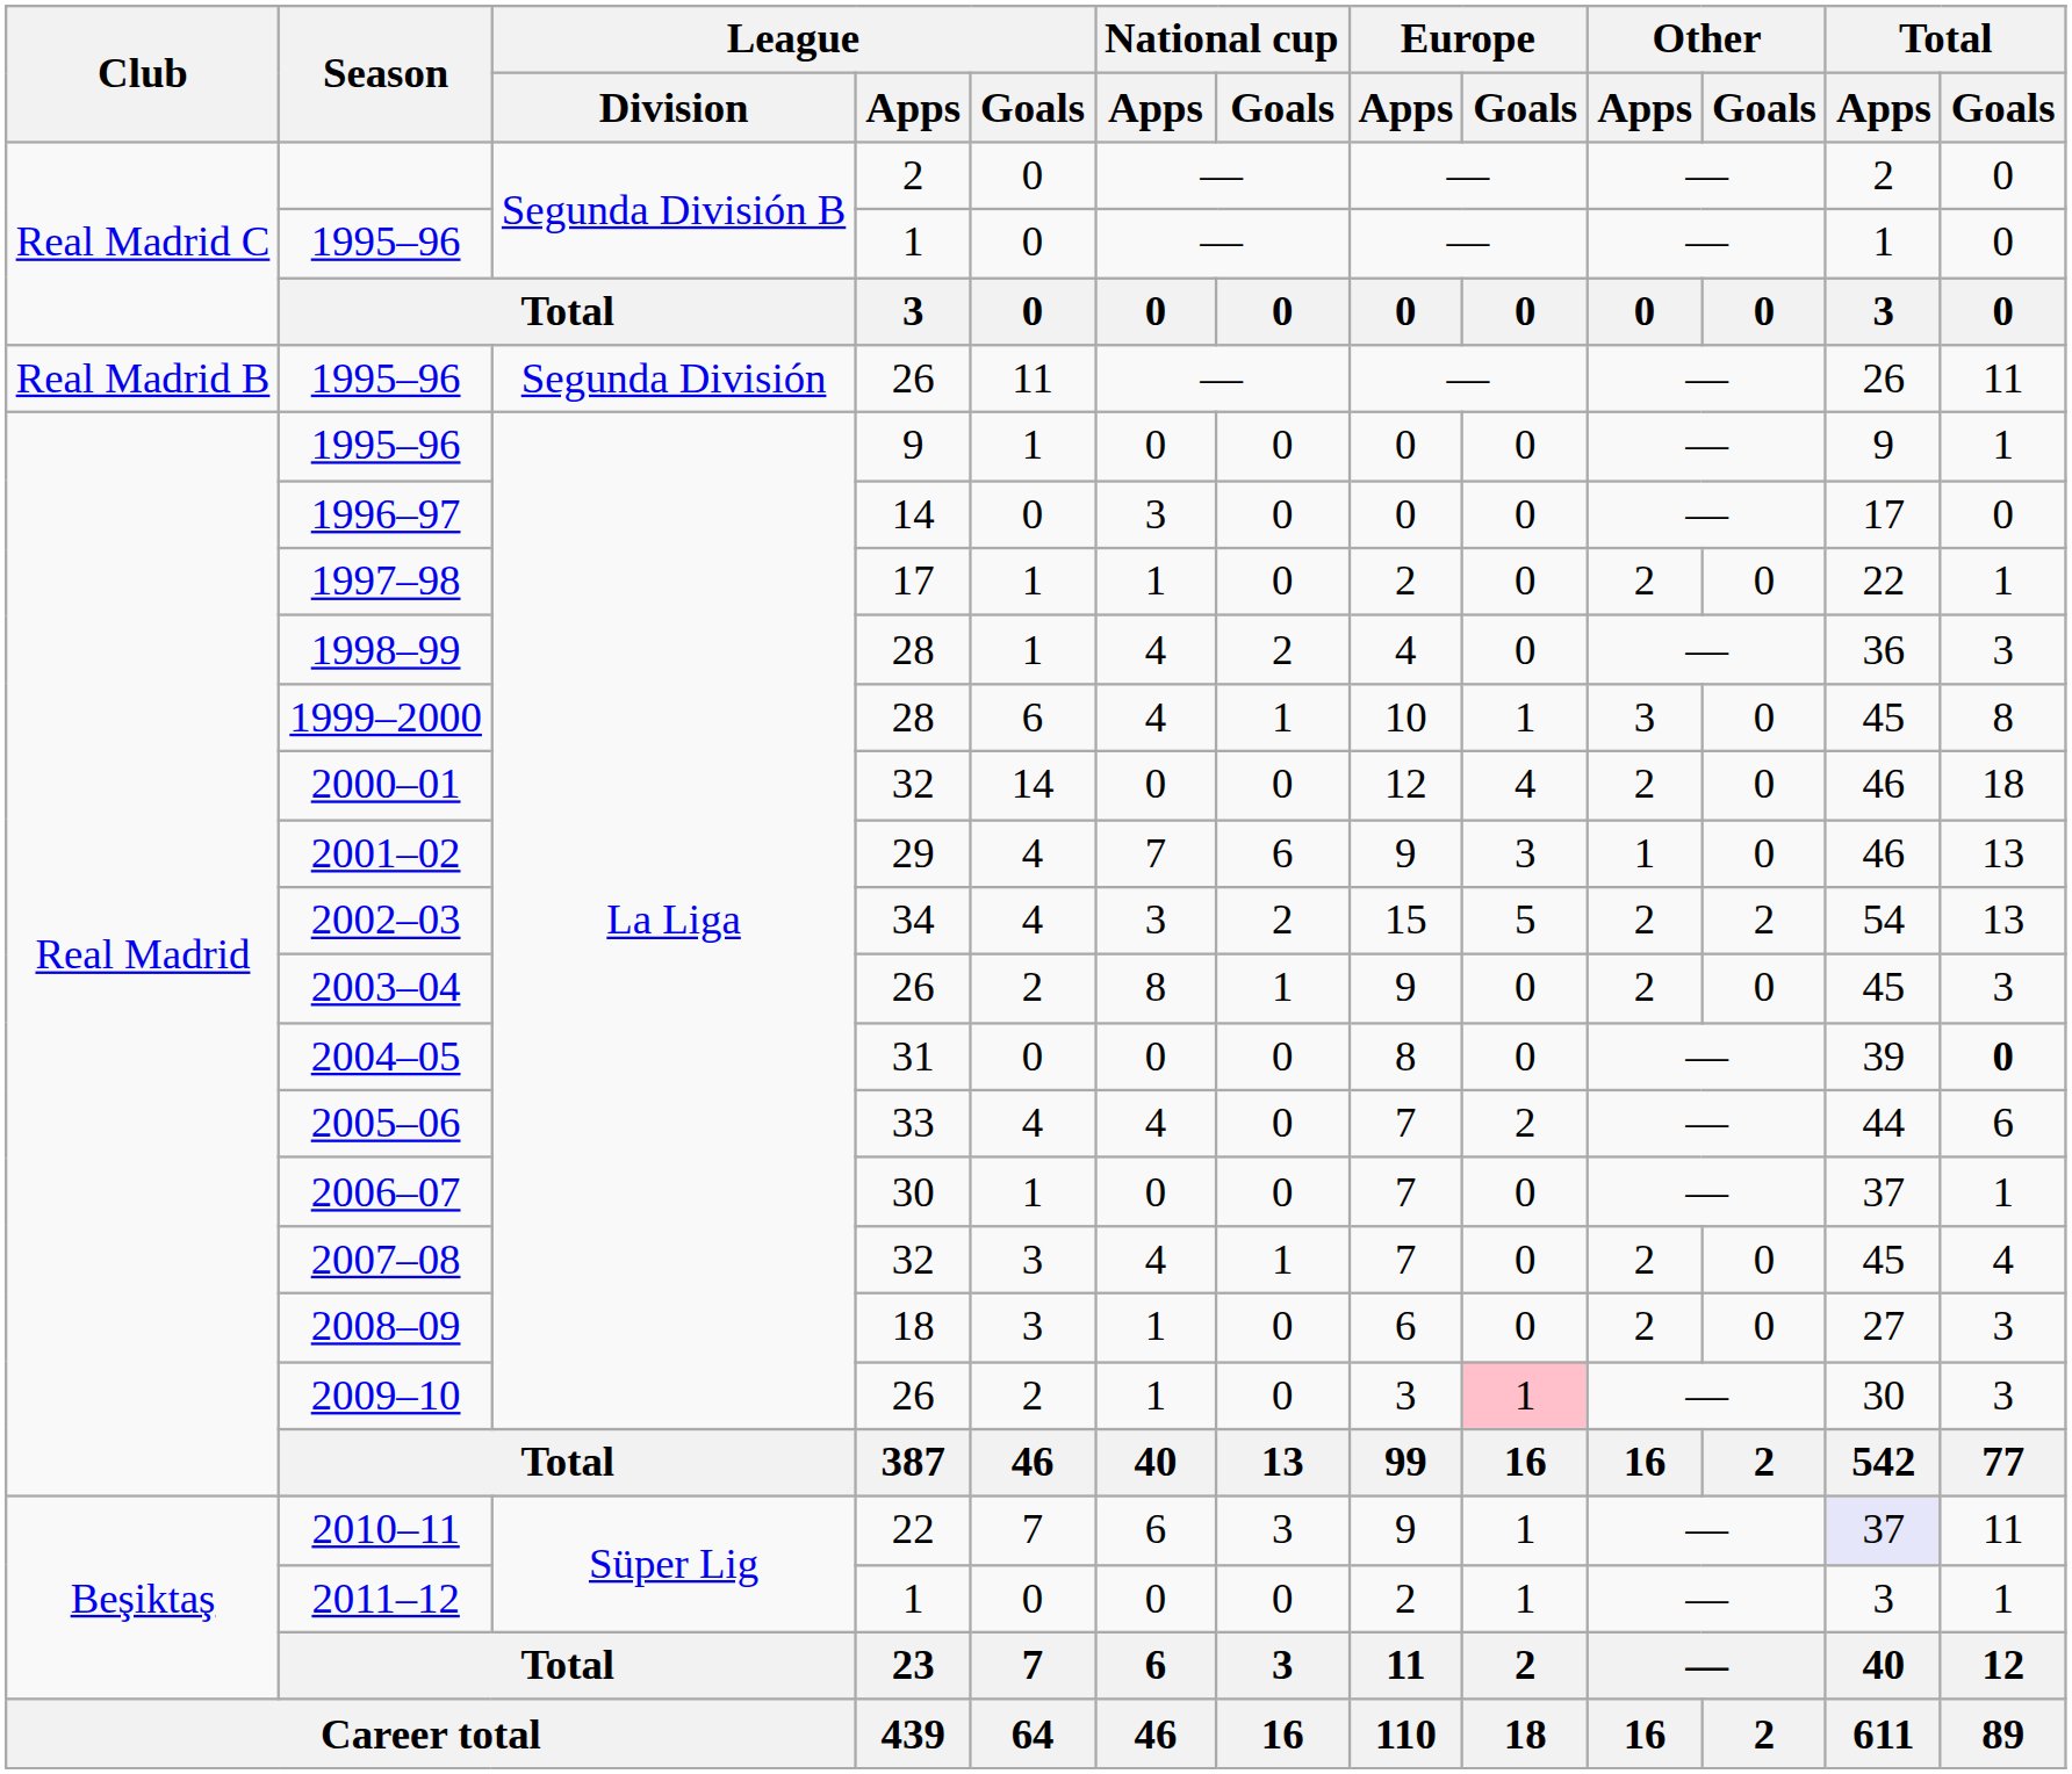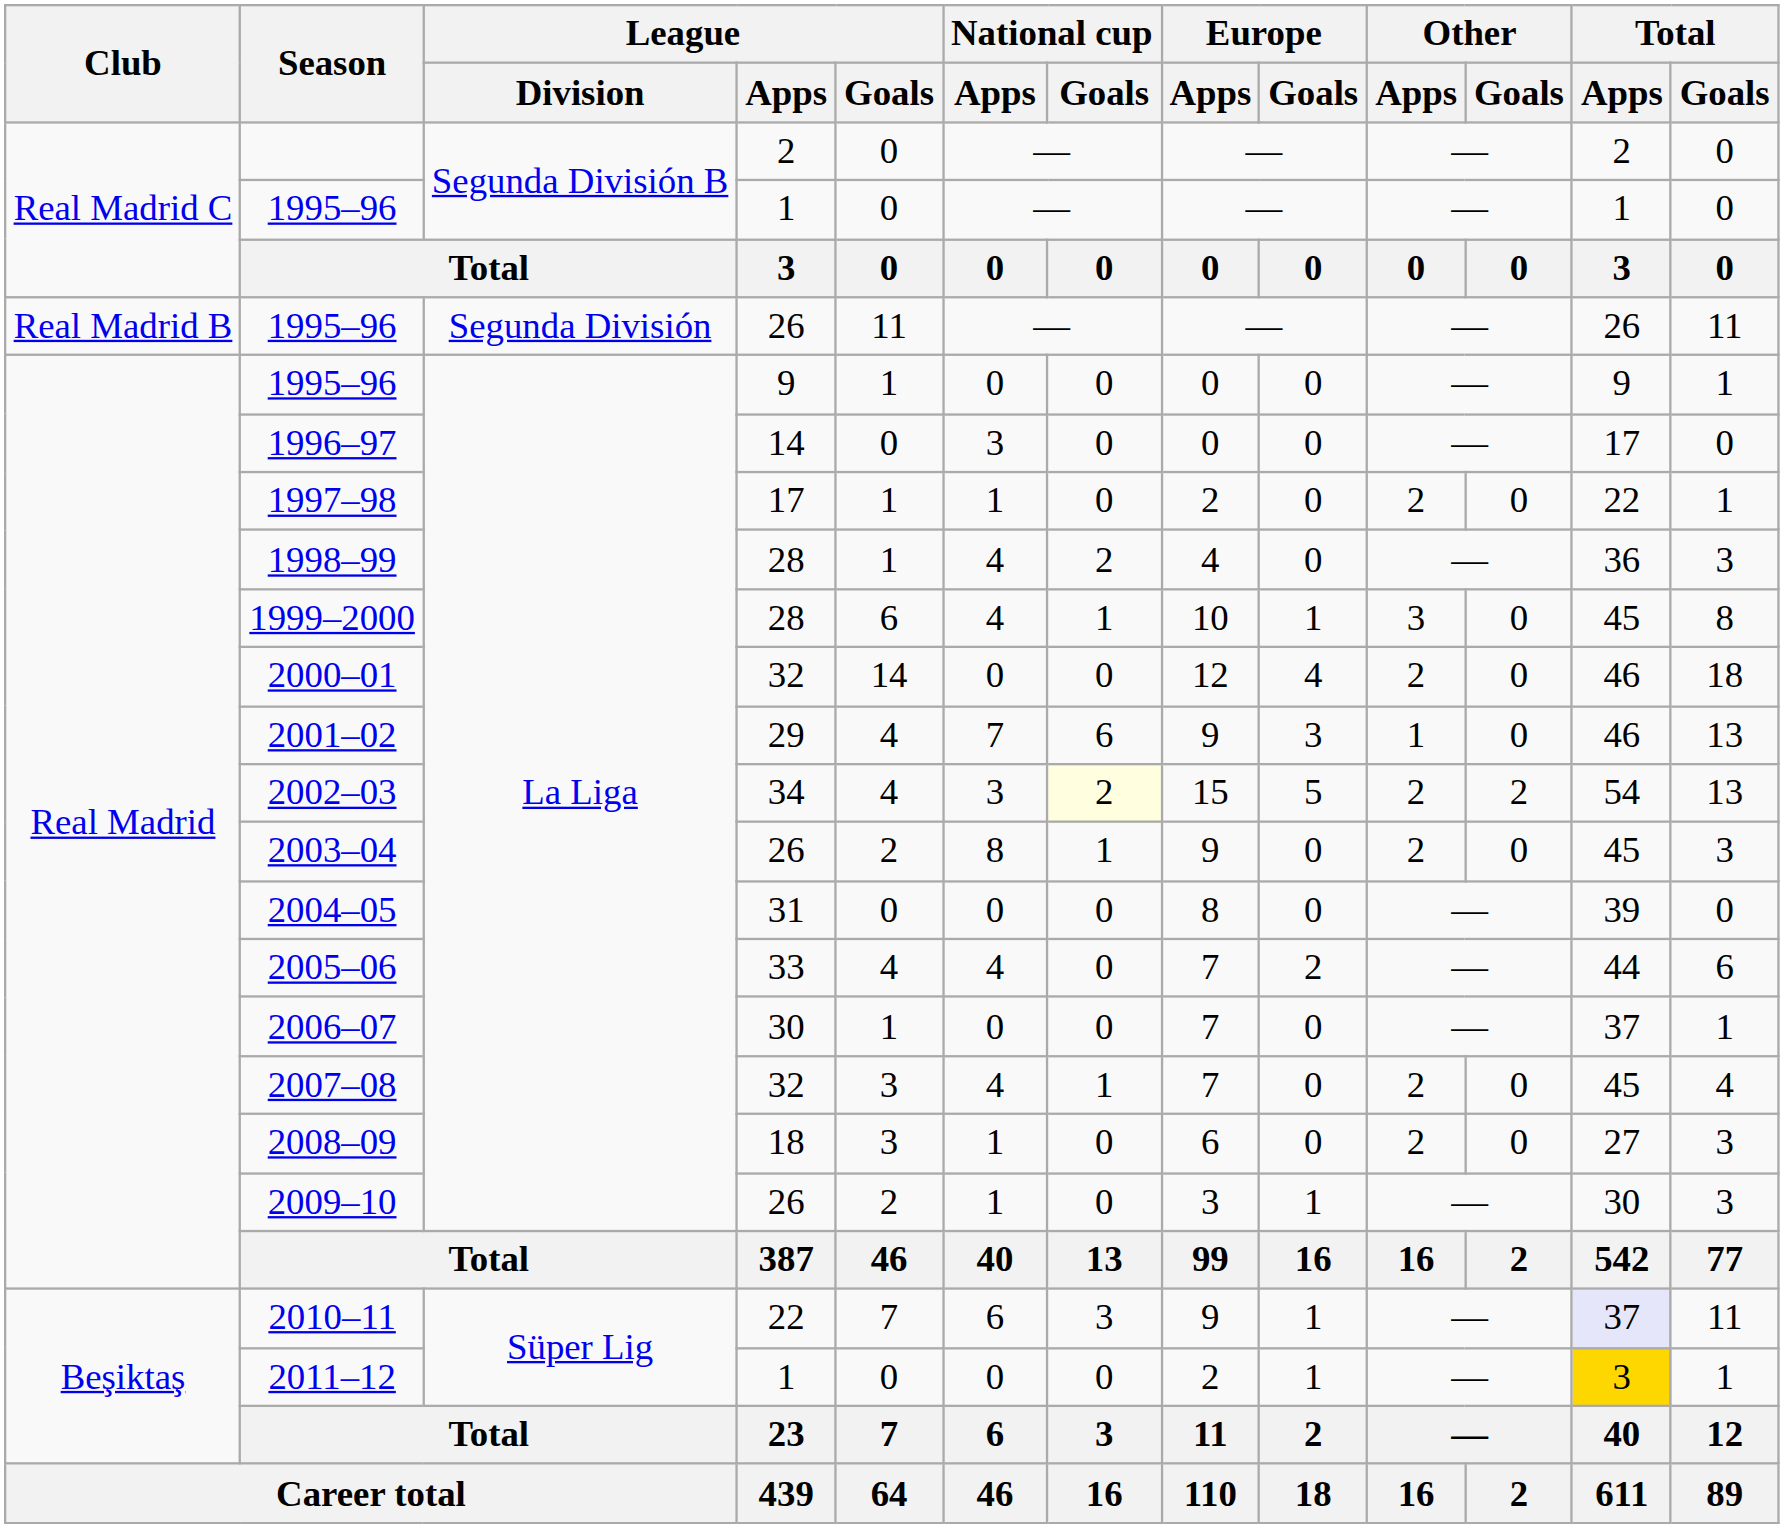 <table class="wikitable" style="text-align:center">
 <tr>
 <th rowspan="2">Club</th>
 <th rowspan="2">Season</th>
 <th colspan="3">League</th>
 <th colspan="2">National cup</th>
 <th colspan="2">Europe</th>
 <th colspan="2">Other</th>
 <th colspan="2">Total</th>
 </tr>
 <tr>
 <th>Division</th>
 <th>Apps</th>
 <th>Goals</th>
 <th>Apps</th>
 <th>Goals</th>
 <th>Apps</th>
 <th>Goals</th>
 <th>Apps</th>
 <th>Goals</th>
 <th>Apps</th>
 <th>Goals</th>
 </tr>
 <tr>
 <td rowspan="3"><a href='#'>Real Madrid C</a></td>
 <td></td>
 <td rowspan="2"><a href='#'>Segunda División B</a></td>
 <td>2</td>
 <td>0</td>
 <td colspan="2">—</td>
 <td colspan="2">—</td>
 <td colspan="2">—</td>
 <td>2</td>
 <td>0</td>
 </tr>
 <tr>
 <td><a href='#'>1995–96</a></td>
 <td>1</td>
 <td>0</td>
 <td colspan="2">—</td>
 <td colspan="2">—</td>
 <td colspan="2">—</td>
 <td>1</td>
 <td>0</td>
 </tr>
 <tr>
 <th colspan="2">Total</th>
 <th>3</th>
 <th>0</th>
 <th>0</th>
 <th>0</th>
 <th>0</th>
 <th>0</th>
 <th>0</th>
 <th>0</th>
 <th>3</th>
 <th>0</th>
 </tr>
 <tr>
 <td><a href='#'>Real Madrid B</a></td>
 <td><a href='#'>1995–96</a></td>
 <td><a href='#'>Segunda División</a></td>
 <td>26</td>
 <td>11</td>
 <td colspan="2">—</td>
 <td colspan="2">—</td>
 <td colspan="2">—</td>
 <td>26</td>
 <td>11</td>
 </tr>
 <tr>
 <td rowspan="16"><a href='#'>Real Madrid</a></td>
 <td><a href='#'>1995–96</a></td>
 <td rowspan="15"><a href='#'>La Liga</a></td>
 <td>9</td>
 <td>1</td>
 <td>0</td>
 <td>0</td>
 <td>0</td>
 <td>0</td>
 <td colspan="2">—</td>
 <td>9</td>
 <td>1</td>
 </tr>
 <tr>
 <td><a href='#'>1996–97</a></td>
 <td>14</td>
 <td>0</td>
 <td>3</td>
 <td>0</td>
 <td>0</td>
 <td>0</td>
 <td colspan="2">—</td>
 <td>17</td>
 <td>0</td>
 </tr>
 <tr>
 <td><a href='#'>1997–98</a></td>
 <td>17</td>
 <td>1</td>
 <td>1</td>
 <td>0</td>
 <td>2</td>
 <td>0</td>
 <td>2</td>
 <td>0</td>
 <td>22</td>
 <td>1</td>
 </tr>
 <tr>
 <td><a href='#'>1998–99</a></td>
 <td>28</td>
 <td>1</td>
 <td>4</td>
 <td>2</td>
 <td>4</td>
 <td>0</td>
 <td colspan="2">—</td>
 <td>36</td>
 <td>3</td>
 </tr>
 <tr>
 <td><a href='#'>1999–2000</a></td>
 <td>28</td>
 <td>6</td>
 <td>4</td>
 <td>1</td>
 <td>10</td>
 <td>1</td>
 <td>3</td>
 <td>0</td>
 <td>45</td>
 <td>8</td>
 </tr>
 <tr>
 <td><a href='#'>2000–01</a></td>
 <td>32</td>
 <td>14</td>
 <td>0</td>
 <td>0</td>
 <td>12</td>
 <td>4</td>
 <td>2</td>
 <td>0</td>
 <td>46</td>
 <td>18</td>
 </tr>
 <tr>
 <td><a href='#'>2001–02</a></td>
 <td>29</td>
 <td>4</td>
 <td>7</td>
 <td>6</td>
 <td>9</td>
 <td>3</td>
 <td>1</td>
 <td>0</td>
 <td>46</td>
 <td>13</td>
 </tr>
 <tr>
 <td><a href='#'>2002–03</a></td>
 <td>34</td>
 <td>4</td>
 <td>3</td>
-<td>2</td>
+<td style="background: lightyellow;">2</td>
 <td>15</td>
 <td>5</td>
 <td>2</td>
 <td>2</td>
 <td>54</td>
 <td>13</td>
 </tr>
 <tr>
 <td><a href='#'>2003–04</a></td>
 <td>26</td>
 <td>2</td>
 <td>8</td>
 <td>1</td>
 <td>9</td>
 <td>0</td>
 <td>2</td>
 <td>0</td>
 <td>45</td>
 <td>3</td>
 </tr>
 <tr>
 <td><a href='#'>2004–05</a></td>
 <td>31</td>
 <td>0</td>
 <td>0</td>
 <td>0</td>
 <td>8</td>
 <td>0</td>
 <td colspan="2">—</td>
 <td>39</td>
-<td><strong>0</strong></td>
+<td>0</td>
 </tr>
 <tr>
 <td><a href='#'>2005–06</a></td>
 <td>33</td>
 <td>4</td>
 <td>4</td>
 <td>0</td>
 <td>7</td>
 <td>2</td>
 <td colspan="2">—</td>
 <td>44</td>
 <td>6</td>
 </tr>
 <tr>
 <td><a href='#'>2006–07</a></td>
 <td>30</td>
 <td>1</td>
 <td>0</td>
 <td>0</td>
 <td>7</td>
 <td>0</td>
 <td colspan="2">—</td>
 <td>37</td>
 <td>1</td>
 </tr>
 <tr>
 <td><a href='#'>2007–08</a></td>
 <td>32</td>
 <td>3</td>
 <td>4</td>
 <td>1</td>
 <td>7</td>
 <td>0</td>
 <td>2</td>
 <td>0</td>
 <td>45</td>
 <td>4</td>
 </tr>
 <tr>
 <td><a href='#'>2008–09</a></td>
 <td>18</td>
 <td>3</td>
 <td>1</td>
 <td>0</td>
 <td>6</td>
 <td>0</td>
 <td>2</td>
 <td>0</td>
 <td>27</td>
 <td>3</td>
 </tr>
 <tr>
 <td><a href='#'>2009–10</a></td>
 <td>26</td>
 <td>2</td>
 <td>1</td>
 <td>0</td>
 <td>3</td>
-<td style="background: pink;">1</td>
+<td>1</td>
 <td colspan="2">—</td>
 <td>30</td>
 <td>3</td>
 </tr>
 <tr>
 <th colspan="2">Total</th>
 <th>387</th>
 <th>46</th>
 <th>40</th>
 <th>13</th>
 <th>99</th>
 <th>16</th>
 <th>16</th>
 <th>2</th>
 <th>542</th>
 <th>77</th>
 </tr>
 <tr>
 <td rowspan="3"><a href='#'>Beşiktaş</a></td>
 <td><a href='#'>2010–11</a></td>
 <td rowspan="2"><a href='#'>Süper Lig</a></td>
 <td>22</td>
 <td>7</td>
 <td>6</td>
 <td>3</td>
 <td>9</td>
 <td>1</td>
 <td colspan="2">—</td>
 <td style="background: lavender;">37</td>
 <td>11</td>
 </tr>
 <tr>
 <td><a href='#'>2011–12</a></td>
 <td>1</td>
 <td>0</td>
 <td>0</td>
 <td>0</td>
 <td>2</td>
 <td>1</td>
 <td colspan="2">—</td>
-<td>3</td>
+<td style="background: gold;">3</td>
 <td>1</td>
 </tr>
 <tr>
 <th colspan="2">Total</th>
 <th>23</th>
 <th>7</th>
 <th>6</th>
 <th>3</th>
 <th>11</th>
 <th>2</th>
 <th colspan="2">—</th>
 <th>40</th>
 <th>12</th>
 </tr>
 <tr>
 <th colspan="3">Career total</th>
 <th>439</th>
 <th>64</th>
 <th>46</th>
 <th>16</th>
 <th>110</th>
 <th>18</th>
 <th>16</th>
 <th>2</th>
 <th>611</th>
 <th>89</th>
 </tr>
 </table>
